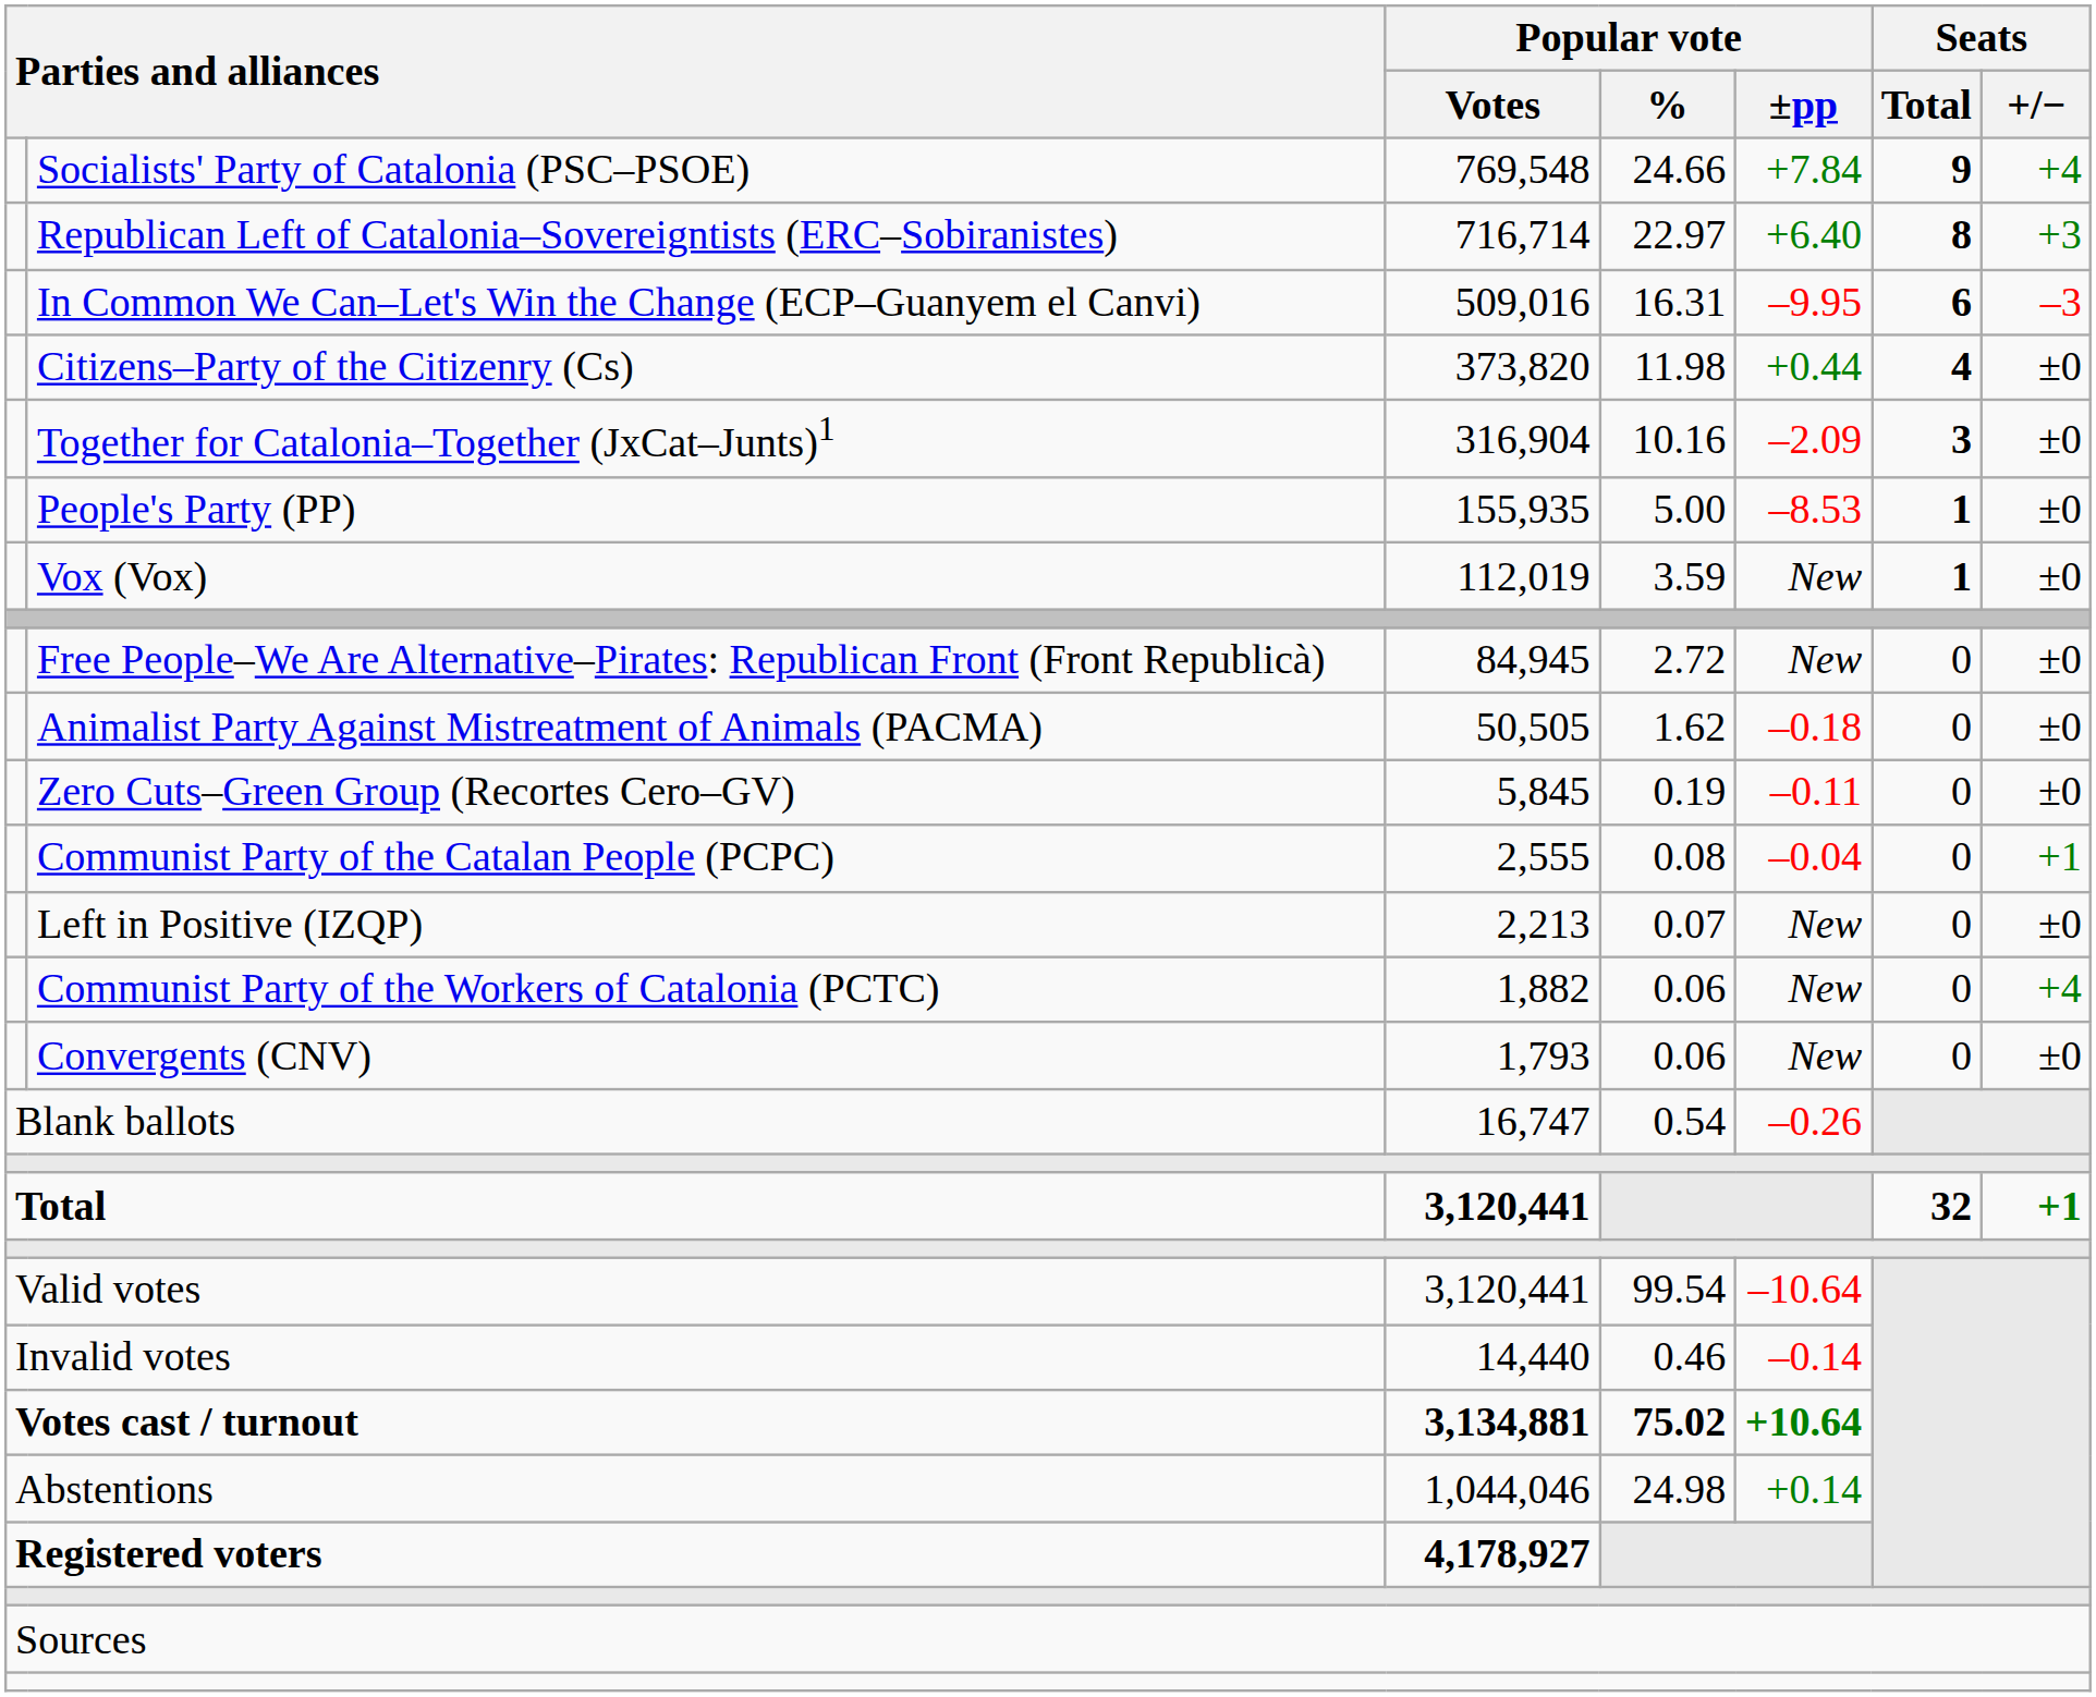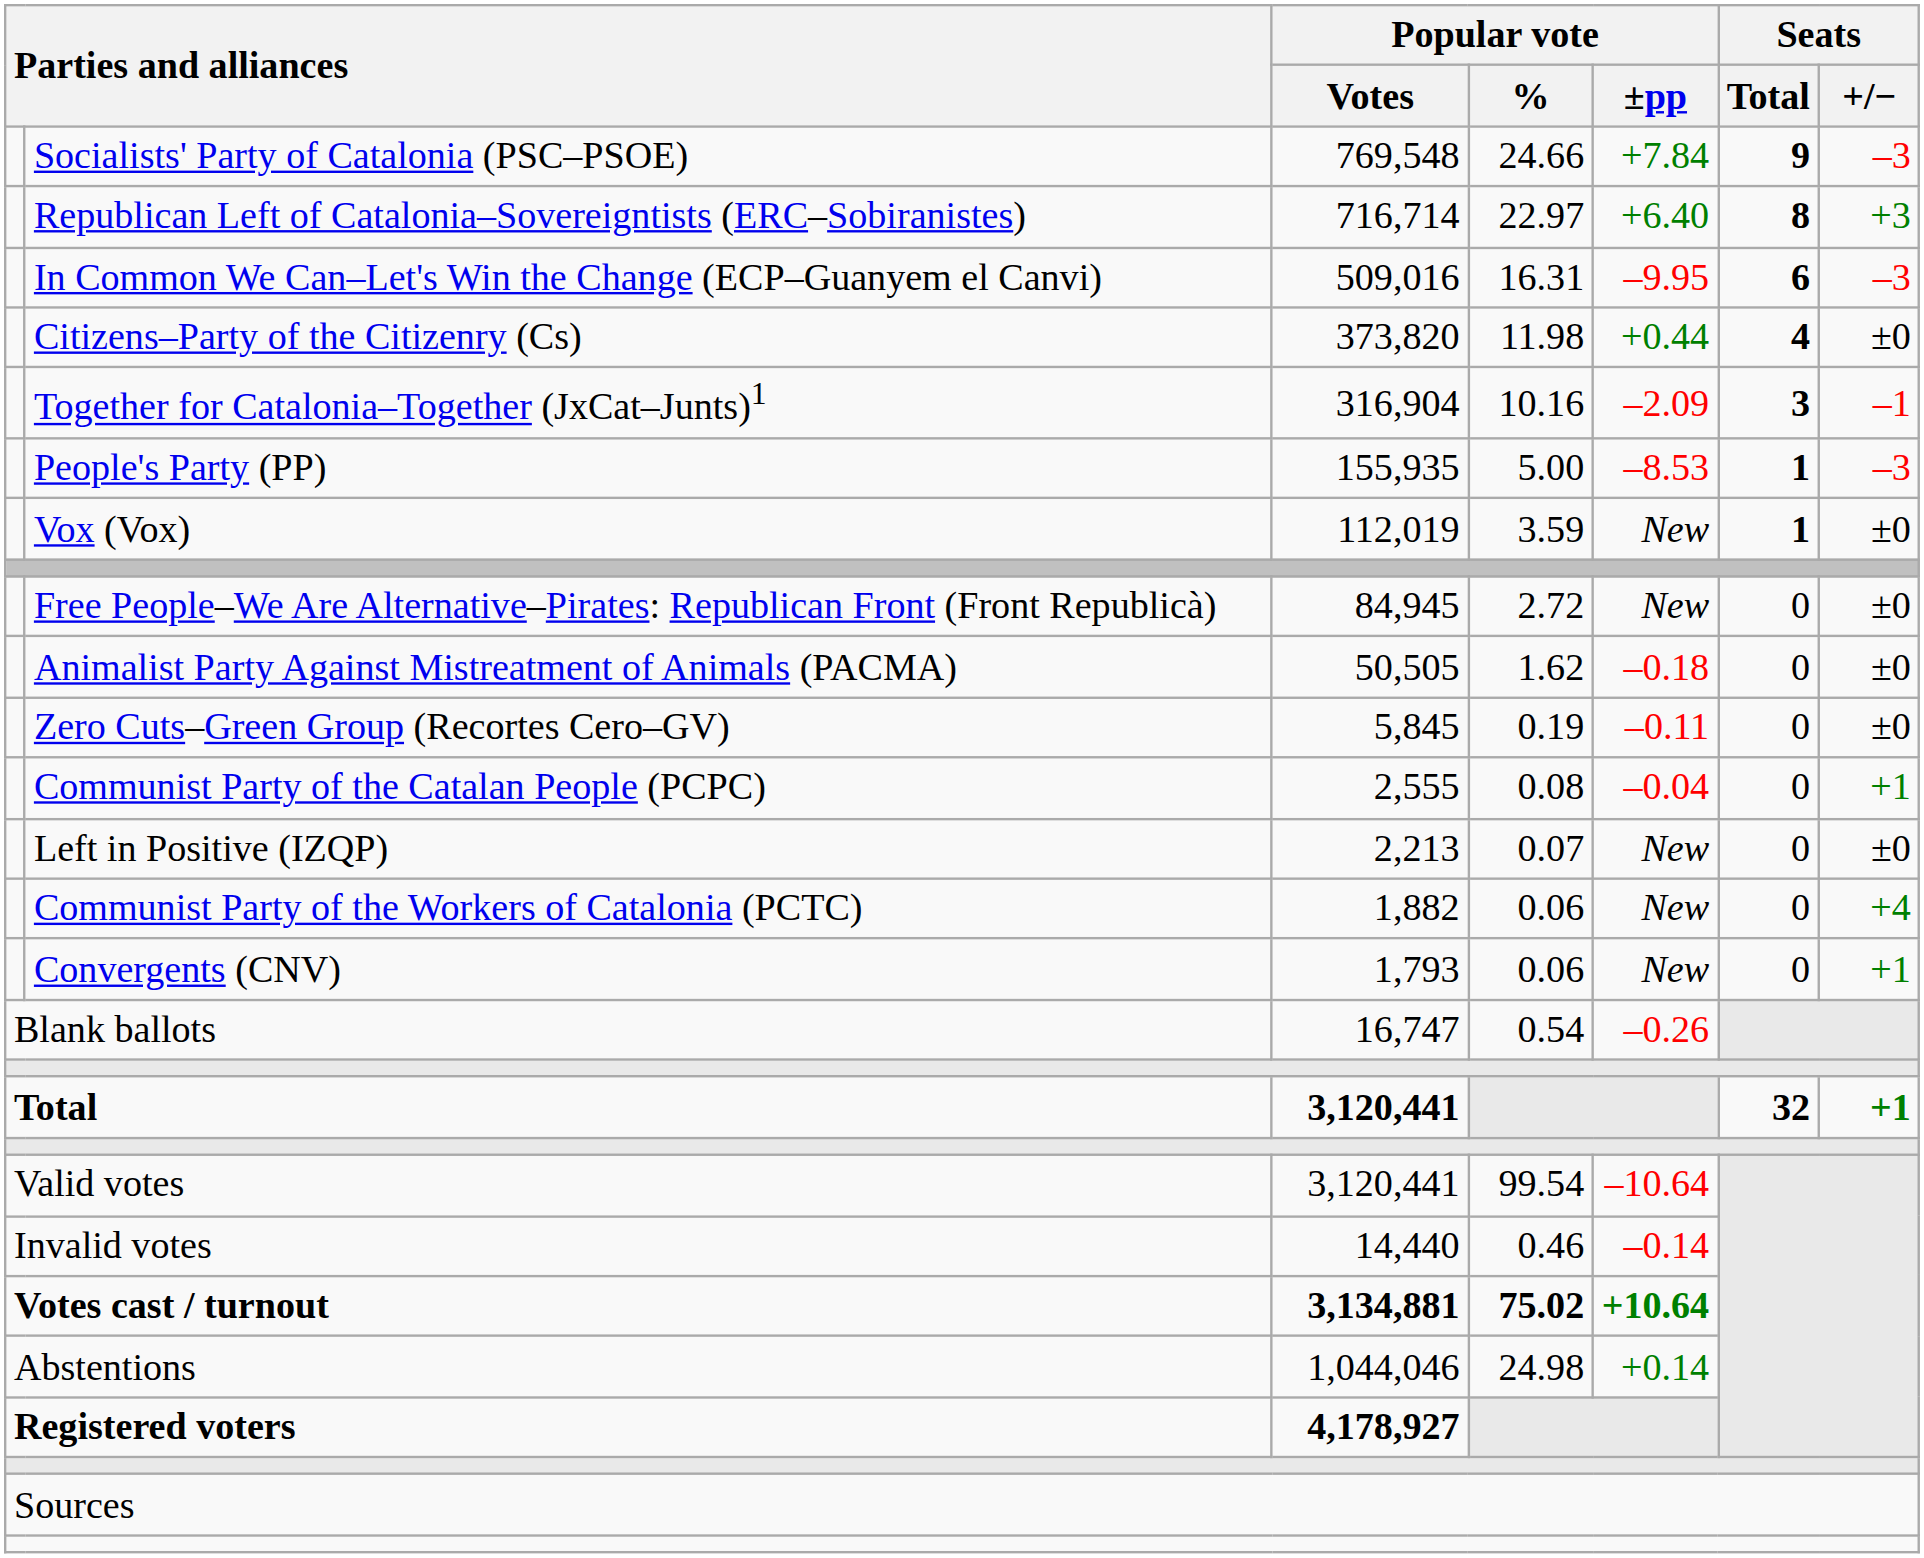 <table class="wikitable" style="text-align:right;">
 <tr>
 <th style="text-align:left;" rowspan="2" colspan="2" width="525">Parties and alliances</th>
 <th colspan="3">Popular vote</th>
 <th colspan="2">Seats</th>
 </tr>
 <tr>
 <th width="75">Votes</th>
 <th width="45">%</th>
 <th width="45">±<a href='#'>pp</a></th>
 <th width="35">Total</th>
 <th width="35">+/−</th>
 </tr>
 <tr>
 <td width="1" style="color:inherit;background:"></td>
 <td align="left"><a href='#'>Socialists' Party of Catalonia</a> (PSC–PSOE)</td>
 <td>769,548</td>
 <td>24.66</td>
 <td style="color:green;">+7.84</td>
 <td><strong>9</strong></td>
-<td style="color:green;">+4</td>
+<td style="color:red;">–3</td>
 </tr>
 <tr>
 <td style="color:inherit;background:"></td>
 <td align="left"><a href='#'>Republican Left of Catalonia–Sovereigntists</a> (<a href='#'>ERC</a>–<a href='#'>Sobiranistes</a>)</td>
 <td>716,714</td>
 <td>22.97</td>
 <td style="color:green;">+6.40</td>
 <td><strong>8</strong></td>
 <td style="color:green;">+3</td>
 </tr>
 <tr>
 <td style="color:inherit;background:"></td>
 <td align="left"><a href='#'>In Common We Can–Let's Win the Change</a> (ECP–Guanyem el Canvi)</td>
 <td>509,016</td>
 <td>16.31</td>
 <td style="color:red;">–9.95</td>
 <td><strong>6</strong></td>
 <td style="color:red;">–3</td>
 </tr>
 <tr>
 <td style="color:inherit;background:"></td>
 <td align="left"><a href='#'>Citizens–Party of the Citizenry</a> (Cs)</td>
 <td>373,820</td>
 <td>11.98</td>
 <td style="color:green;">+0.44</td>
 <td><strong>4</strong></td>
 <td>±0</td>
 </tr>
 <tr>
 <td style="color:inherit;background:"></td>
 <td align="left"><a href='#'>Together for Catalonia–Together</a> (JxCat–Junts)<sup>1</sup></td>
 <td>316,904</td>
 <td>10.16</td>
 <td style="color:red;">–2.09</td>
 <td><strong>3</strong></td>
-<td>±0</td>
+<td style="color:red;">–1</td>
 </tr>
 <tr>
 <td style="color:inherit;background:"></td>
 <td align="left"><a href='#'>People's Party</a> (PP)</td>
 <td>155,935</td>
 <td>5.00</td>
 <td style="color:red;">–8.53</td>
 <td><strong>1</strong></td>
-<td>±0</td>
+<td style="color:red;">–3</td>
 </tr>
 <tr>
 <td style="color:inherit;background:"></td>
 <td align="left"><a href='#'>Vox</a> (Vox)</td>
 <td>112,019</td>
 <td>3.59</td>
 <td><em>New</em></td>
 <td><strong>1</strong></td>
 <td>±0</td>
 </tr>
 <tr>
 <td colspan="7" bgcolor="#C0C0C0"></td>
 </tr>
 <tr>
 <td style="color:inherit;background:"></td>
 <td align="left"><a href='#'>Free People</a>–<a href='#'>We Are Alternative</a>–<a href='#'>Pirates</a>: <a href='#'>Republican Front</a> (Front Republicà)</td>
 <td>84,945</td>
 <td>2.72</td>
 <td><em>New</em></td>
 <td>0</td>
 <td>±0</td>
 </tr>
 <tr>
 <td style="color:inherit;background:"></td>
 <td align="left"><a href='#'>Animalist Party Against Mistreatment of Animals</a> (PACMA)</td>
 <td>50,505</td>
 <td>1.62</td>
 <td style="color:red;">–0.18</td>
 <td>0</td>
 <td>±0</td>
 </tr>
 <tr>
 <td style="color:inherit;background:"></td>
 <td align="left"><a href='#'>Zero Cuts</a>–<a href='#'>Green Group</a> (Recortes Cero–GV)</td>
 <td>5,845</td>
 <td>0.19</td>
 <td style="color:red;">–0.11</td>
 <td>0</td>
 <td>±0</td>
 </tr>
 <tr>
 <td style="color:inherit;background:"></td>
 <td align="left"><a href='#'>Communist Party of the Catalan People</a> (PCPC)</td>
 <td>2,555</td>
 <td>0.08</td>
 <td style="color:red;">–0.04</td>
 <td>0</td>
 <td style="color:green;">+1</td>
 </tr>
 <tr>
 <td style="color:inherit;background:"></td>
 <td align="left">Left in Positive (IZQP)</td>
 <td>2,213</td>
 <td>0.07</td>
 <td><em>New</em></td>
 <td>0</td>
 <td>±0</td>
 </tr>
 <tr>
 <td style="color:inherit;background:"></td>
 <td align="left"><a href='#'>Communist Party of the Workers of Catalonia</a> (PCTC)</td>
 <td>1,882</td>
 <td>0.06</td>
 <td><em>New</em></td>
 <td>0</td>
 <td style="color:green;">+4</td>
 </tr>
 <tr>
 <td style="color:inherit;background:"></td>
 <td align="left"><a href='#'>Convergents</a> (CNV)</td>
 <td>1,793</td>
 <td>0.06</td>
 <td><em>New</em></td>
 <td>0</td>
-<td>±0</td>
+<td style="color:green;">+1</td>
 </tr>
 <tr>
 <td align="left" colspan="2">Blank ballots</td>
 <td>16,747</td>
 <td>0.54</td>
 <td style="color:red;">–0.26</td>
 <td bgcolor="#E9E9E9" colspan="2"></td>
 </tr>
 <tr>
 <td colspan="7" bgcolor="#E9E9E9"></td>
 </tr>
 <tr style="font-weight:bold;">
 <td align="left" colspan="2">Total</td>
 <td>3,120,441</td>
 <td bgcolor="#E9E9E9" colspan="2"></td>
 <td>32</td>
 <td style="color:green;">+1</td>
 </tr>
 <tr>
 <td colspan="7" bgcolor="#E9E9E9"></td>
 </tr>
 <tr>
 <td align="left" colspan="2">Valid votes</td>
 <td>3,120,441</td>
 <td>99.54</td>
 <td style="color:red;">–10.64</td>
 <td bgcolor="#E9E9E9" colspan="2" rowspan="5"></td>
 </tr>
 <tr>
 <td align="left" colspan="2">Invalid votes</td>
 <td>14,440</td>
 <td>0.46</td>
 <td style="color:red;">–0.14</td>
 </tr>
 <tr style="font-weight:bold;">
 <td align="left" colspan="2">Votes cast / turnout</td>
 <td>3,134,881</td>
 <td>75.02</td>
 <td style="color:green;">+10.64</td>
 </tr>
 <tr>
 <td align="left" colspan="2">Abstentions</td>
 <td>1,044,046</td>
 <td>24.98</td>
 <td style="color:green;">+0.14</td>
 </tr>
 <tr style="font-weight:bold;">
 <td align="left" colspan="2">Registered voters</td>
 <td>4,178,927</td>
 <td bgcolor="#E9E9E9" colspan="2"></td>
 </tr>
 <tr>
 <td colspan="7" bgcolor="#E9E9E9"></td>
 </tr>
 <tr>
 <td align="left" colspan="7">Sources</td>
 </tr>
 <tr>
 <td colspan="7" style="text-align:left; max-width:790px;"></td>
 </tr>
 </table>
